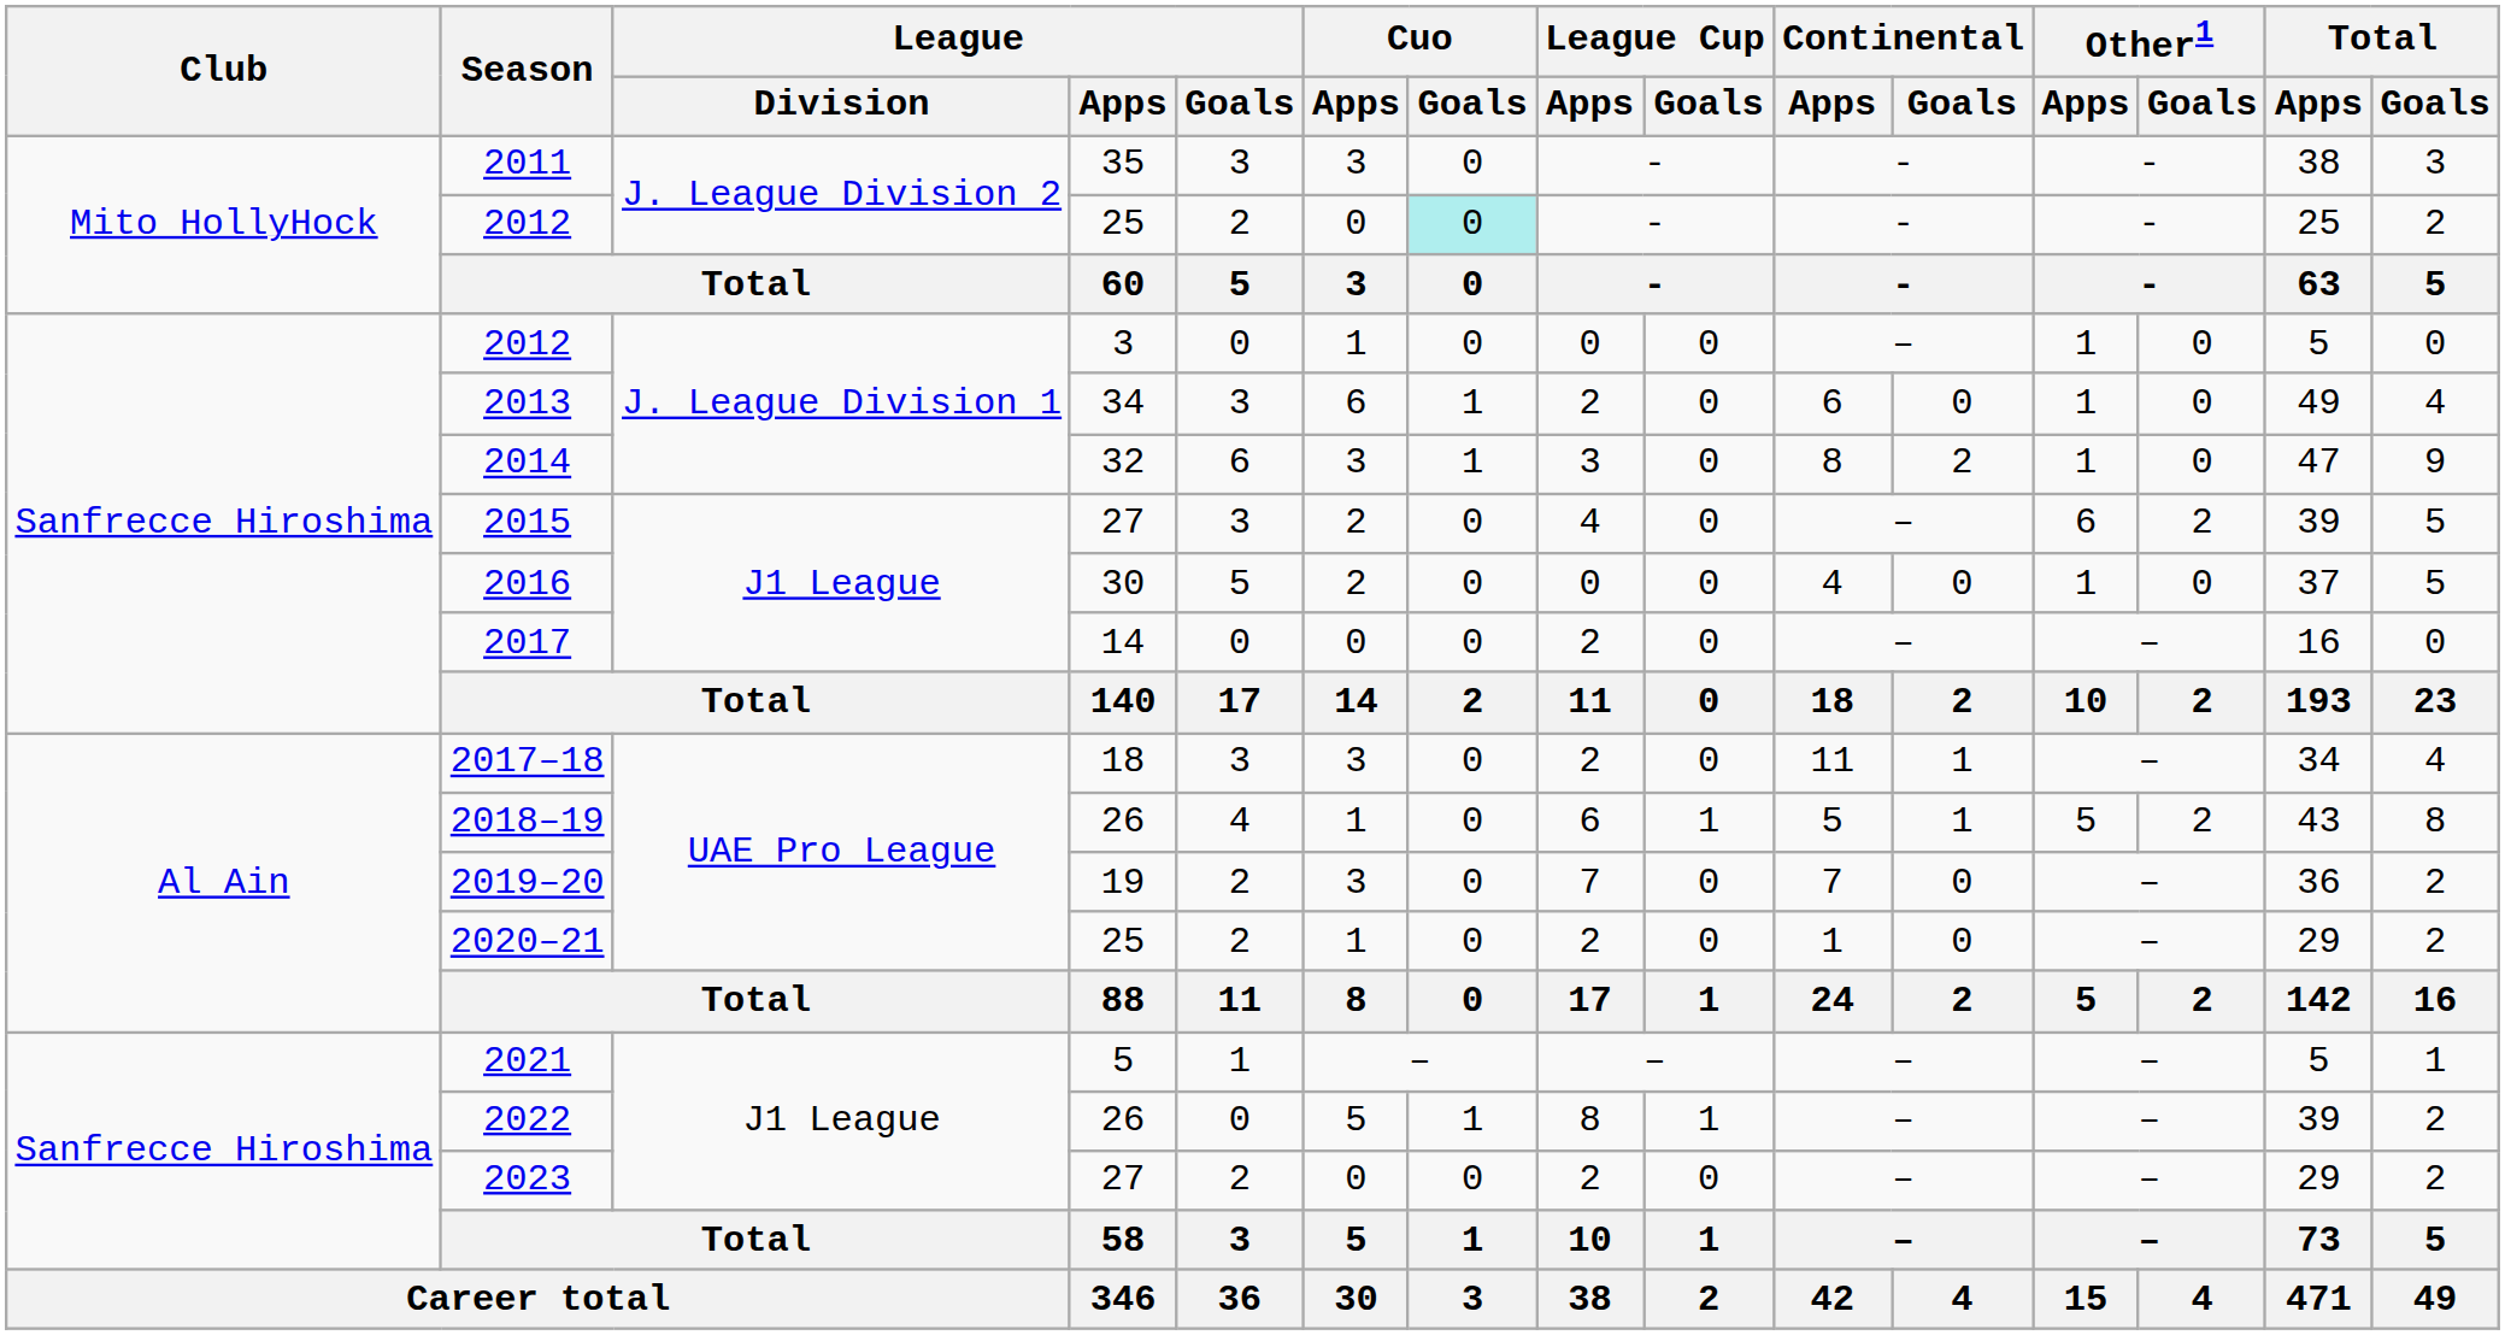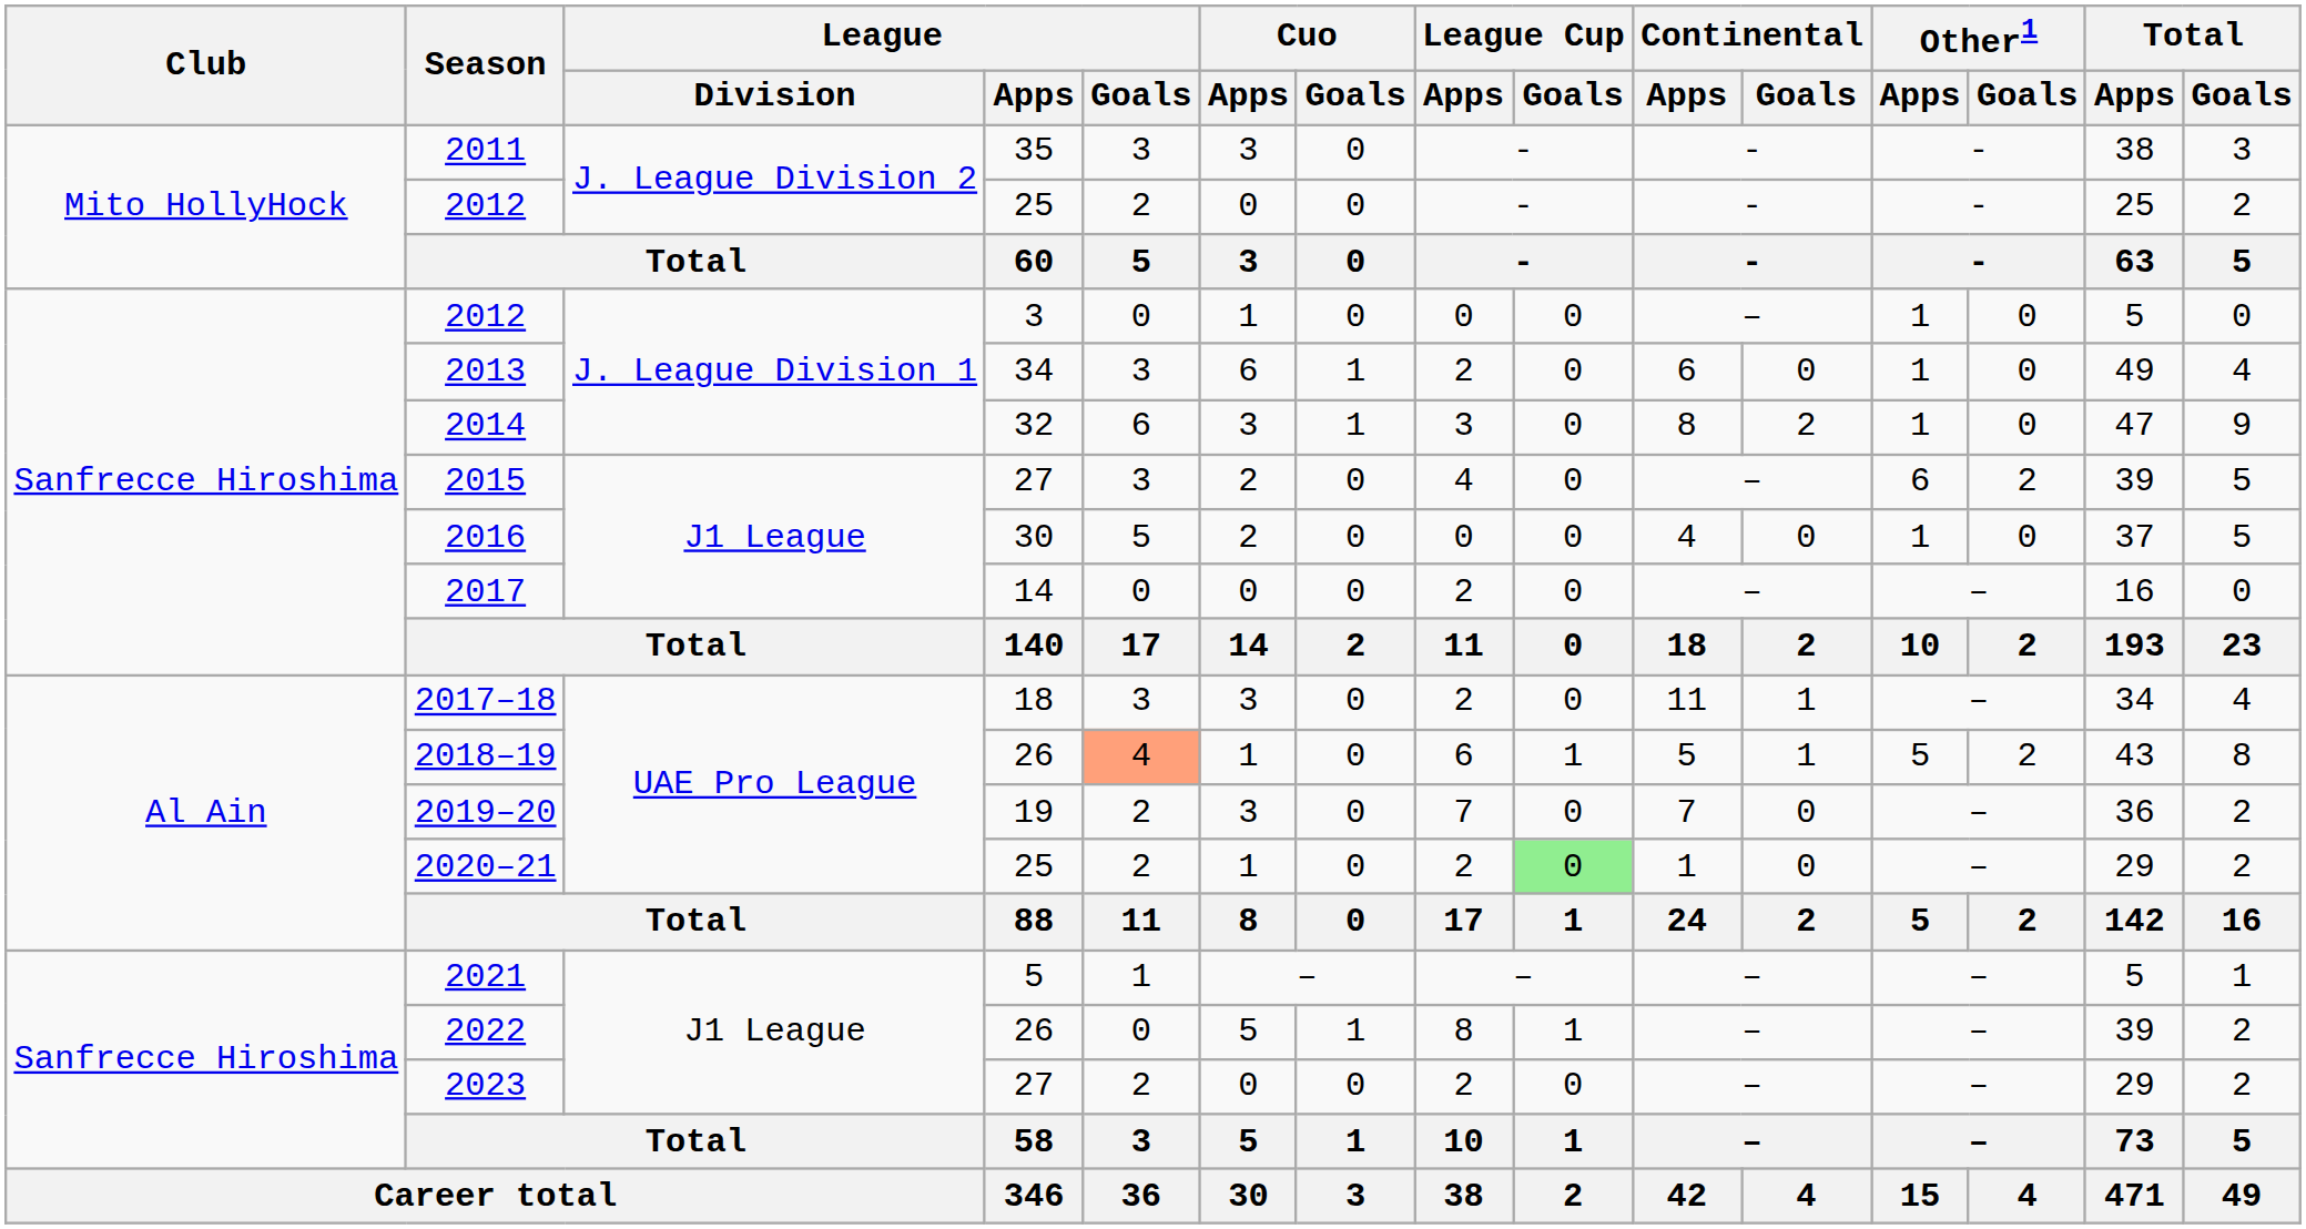 <table class="wikitable" style="text-align:center;">
 <tr>
 <th rowspan="2">Club</th>
 <th rowspan="2">Season</th>
 <th colspan="3">League</th>
 <th colspan="2">Cuo</th>
 <th colspan="2">League Cup</th>
 <th colspan="2">Continental</th>
 <th colspan="2">Other<sup><a href='#'>1</a></sup></th>
 <th colspan="2">Total</th>
 </tr>
 <tr>
 <th>Division</th>
 <th>Apps</th>
 <th>Goals</th>
 <th>Apps</th>
 <th>Goals</th>
 <th>Apps</th>
 <th>Goals</th>
 <th>Apps</th>
 <th>Goals</th>
 <th>Apps</th>
 <th>Goals</th>
 <th>Apps</th>
 <th>Goals</th>
 </tr>
 <tr>
 <td rowspan="3"><a href='#'>Mito HollyHock</a></td>
 <td><a href='#'>2011</a></td>
 <td rowspan="2"><a href='#'>J. League Division 2</a></td>
 <td>35</td>
 <td>3</td>
 <td>3</td>
 <td>0</td>
 <td colspan="2">-</td>
 <td colspan="2">-</td>
 <td colspan="2">-</td>
 <td>38</td>
 <td>3</td>
 </tr>
 <tr>
 <td><a href='#'>2012</a></td>
 <td>25</td>
 <td>2</td>
 <td>0</td>
-<td style="background: paleturquoise;">0</td>
+<td>0</td>
 <td colspan="2">-</td>
 <td colspan="2">-</td>
 <td colspan="2">-</td>
 <td>25</td>
 <td>2</td>
 </tr>
 <tr>
 <th colspan="2">Total</th>
 <th>60</th>
 <th>5</th>
 <th>3</th>
 <th>0</th>
 <th colspan="2">-</th>
 <th colspan="2">-</th>
 <th colspan="2">-</th>
 <th>63</th>
 <th>5</th>
 </tr>
 <tr>
 <td rowspan="7"><a href='#'>Sanfrecce Hiroshima</a></td>
 <td><a href='#'>2012</a></td>
 <td rowspan="3"><a href='#'>J. League Division 1</a></td>
 <td>3</td>
 <td>0</td>
 <td>1</td>
 <td>0</td>
 <td>0</td>
 <td>0</td>
 <td colspan="2">–</td>
 <td>1</td>
 <td>0</td>
 <td>5</td>
 <td>0</td>
 </tr>
 <tr>
 <td><a href='#'>2013</a></td>
 <td>34</td>
 <td>3</td>
 <td>6</td>
 <td>1</td>
 <td>2</td>
 <td>0</td>
 <td>6</td>
 <td>0</td>
 <td>1</td>
 <td>0</td>
 <td>49</td>
 <td>4</td>
 </tr>
 <tr>
 <td><a href='#'>2014</a></td>
 <td>32</td>
 <td>6</td>
 <td>3</td>
 <td>1</td>
 <td>3</td>
 <td>0</td>
 <td>8</td>
 <td>2</td>
 <td>1</td>
 <td>0</td>
 <td>47</td>
 <td>9</td>
 </tr>
 <tr>
 <td><a href='#'>2015</a></td>
 <td rowspan="3"><a href='#'>J1 League</a></td>
 <td>27</td>
 <td>3</td>
 <td>2</td>
 <td>0</td>
 <td>4</td>
 <td>0</td>
 <td colspan="2">–</td>
 <td>6</td>
 <td>2</td>
 <td>39</td>
 <td>5</td>
 </tr>
 <tr>
 <td><a href='#'>2016</a></td>
 <td>30</td>
 <td>5</td>
 <td>2</td>
 <td>0</td>
 <td>0</td>
 <td>0</td>
 <td>4</td>
 <td>0</td>
 <td>1</td>
 <td>0</td>
 <td>37</td>
 <td>5</td>
 </tr>
 <tr>
 <td><a href='#'>2017</a></td>
 <td>14</td>
 <td>0</td>
 <td>0</td>
 <td>0</td>
 <td>2</td>
 <td>0</td>
 <td colspan="2">–</td>
 <td colspan="2">–</td>
 <td>16</td>
 <td>0</td>
 </tr>
 <tr>
 <th colspan="2">Total</th>
 <th>140</th>
 <th>17</th>
 <th>14</th>
 <th>2</th>
 <th>11</th>
 <th>0</th>
 <th>18</th>
 <th>2</th>
 <th>10</th>
 <th>2</th>
 <th>193</th>
 <th>23</th>
 </tr>
 <tr>
 <td rowspan="5"><a href='#'>Al Ain</a></td>
 <td><a href='#'>2017–18</a></td>
 <td rowspan="4"><a href='#'>UAE Pro League</a></td>
 <td>18</td>
 <td>3</td>
 <td>3</td>
 <td>0</td>
 <td>2</td>
 <td>0</td>
 <td>11</td>
 <td>1</td>
 <td colspan="2">–</td>
 <td>34</td>
 <td>4</td>
 </tr>
 <tr>
 <td><a href='#'>2018–19</a></td>
 <td>26</td>
-<td>4</td>
+<td style="background: lightsalmon;">4</td>
 <td>1</td>
 <td>0</td>
 <td>6</td>
 <td>1</td>
 <td>5</td>
 <td>1</td>
 <td>5</td>
 <td>2</td>
 <td>43</td>
 <td>8</td>
 </tr>
 <tr>
 <td><a href='#'>2019–20</a></td>
 <td>19</td>
 <td>2</td>
 <td>3</td>
 <td>0</td>
 <td>7</td>
 <td>0</td>
 <td>7</td>
 <td>0</td>
 <td colspan="2">–</td>
 <td>36</td>
 <td>2</td>
 </tr>
 <tr>
 <td><a href='#'>2020–21</a></td>
 <td>25</td>
 <td>2</td>
 <td>1</td>
 <td>0</td>
 <td>2</td>
-<td>0</td>
+<td style="background: lightgreen;">0</td>
 <td>1</td>
 <td>0</td>
 <td colspan="2">–</td>
 <td>29</td>
 <td>2</td>
 </tr>
 <tr>
 <th colspan="2">Total</th>
 <th>88</th>
 <th>11</th>
 <th>8</th>
 <th>0</th>
 <th>17</th>
 <th>1</th>
 <th>24</th>
 <th>2</th>
 <th>5</th>
 <th>2</th>
 <th>142</th>
 <th>16</th>
 </tr>
 <tr>
 <td rowspan="4"><a href='#'>Sanfrecce Hiroshima</a></td>
 <td><a href='#'>2021</a></td>
 <td rowspan="3">J1 League</td>
 <td>5</td>
 <td>1</td>
 <td colspan="2">–</td>
 <td colspan="2">–</td>
 <td colspan="2">–</td>
 <td colspan="2">–</td>
 <td>5</td>
 <td>1</td>
 </tr>
 <tr>
 <td><a href='#'>2022</a></td>
 <td>26</td>
 <td>0</td>
 <td>5</td>
 <td>1</td>
 <td>8</td>
 <td>1</td>
 <td colspan="2">–</td>
 <td colspan="2">–</td>
 <td>39</td>
 <td>2</td>
 </tr>
 <tr>
 <td><a href='#'>2023</a></td>
 <td>27</td>
 <td>2</td>
 <td>0</td>
 <td>0</td>
 <td>2</td>
 <td>0</td>
 <td colspan="2">–</td>
 <td colspan="2">–</td>
 <td>29</td>
 <td>2</td>
 </tr>
 <tr>
 <th colspan="2">Total</th>
 <th>58</th>
 <th>3</th>
 <th>5</th>
 <th>1</th>
 <th>10</th>
 <th>1</th>
 <th colspan="2">–</th>
 <th colspan="2">–</th>
 <th>73</th>
 <th>5</th>
 </tr>
 <tr>
 <th colspan="3">Career total</th>
 <th>346</th>
 <th>36</th>
 <th>30</th>
 <th>3</th>
 <th>38</th>
 <th>2</th>
 <th>42</th>
 <th>4</th>
 <th>15</th>
 <th>4</th>
 <th>471</th>
 <th>49</th>
 </tr>
 </table>
